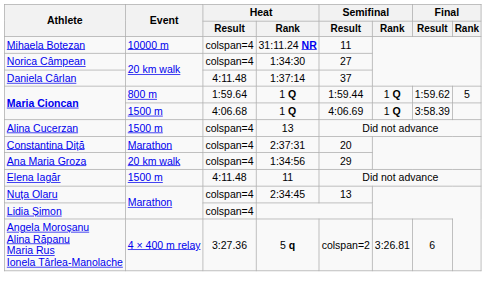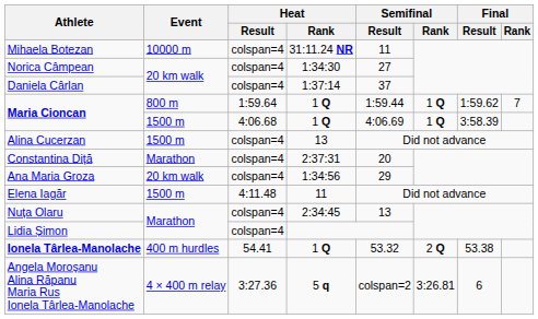 <table class=wikitable style="font-size:90%">
 <tr>
 <th rowspan="2">Athlete</th>
 <th rowspan="2">Event</th>
 <th colspan="2">Heat</th>
 <th colspan="2">Semifinal</th>
 <th colspan="2">Final</th>
 </tr>
 <tr style="font-size:95%">
 <th>Result</th>
 <th>Rank</th>
 <th>Result</th>
 <th>Rank</th>
 <th>Result</th>
 <th>Rank</th>
 </tr>
 <tr align=center>
 <td align=left><a href='#'>Mihaela Botezan</a></td>
 <td align=left><a href='#'>10000 m</a></td>
 <td>colspan=4 </td>
 <td>31:11.24 <strong><a href='#'>NR</a></strong></td>
 <td>11</td>
 </tr>
 <tr align=center>
 <td align=left><a href='#'>Norica Câmpean</a></td>
 <td align=left rowspan=2><a href='#'>20 km walk</a></td>
 <td>colspan=4 </td>
 <td>1:34:30</td>
 <td>27</td>
 </tr>
 <tr align=center>
 <td align=left><a href='#'>Daniela Cârlan</a></td>
-<td>4:11.48</td>
+<td>colspan=4 </td>
 <td>1:37:14</td>
 <td>37</td>
 </tr>
 <tr align=center>
 <td align=left rowspan=2><strong><a href='#'>Maria Cioncan</a></strong></td>
 <td align=left><a href='#'>800 m</a></td>
 <td>1:59.64</td>
 <td>1 <strong>Q</strong></td>
 <td>1:59.44</td>
 <td>1 <strong>Q</strong></td>
 <td>1:59.62</td>
-<td>5</td>
+<td>7</td>
 </tr>
 <tr align=center>
 <td align=left><a href='#'>1500 m</a></td>
 <td>4:06.68</td>
 <td>1 <strong>Q</strong></td>
 <td>4:06.69</td>
 <td>1 <strong>Q</strong></td>
 <td>3:58.39</td>
 <td></td>
 </tr>
 <tr align=center>
 <td align=left><a href='#'>Alina Cucerzan</a></td>
 <td align=left><a href='#'>1500 m</a></td>
 <td>colspan=4 </td>
 <td>13</td>
 <td colspan=4>Did not advance</td>
 </tr>
 <tr align=center>
 <td align=left><a href='#'>Constantina Diță</a></td>
 <td align=left><a href='#'>Marathon</a></td>
 <td>colspan=4 </td>
 <td>2:37:31</td>
 <td>20</td>
 </tr>
 <tr align=center>
 <td align=left><a href='#'>Ana Maria Groza</a></td>
 <td align=left><a href='#'>20 km walk</a></td>
 <td>colspan=4 </td>
 <td>1:34:56</td>
 <td>29</td>
 </tr>
 <tr align=center>
 <td align=left><a href='#'>Elena Iagăr</a></td>
 <td align=left><a href='#'>1500 m</a></td>
 <td>4:11.48</td>
 <td>11</td>
 <td colspan=4>Did not advance</td>
 </tr>
 <tr align=center>
 <td align=left><a href='#'>Nuța Olaru</a></td>
 <td align=left rowspan=2><a href='#'>Marathon</a></td>
 <td>colspan=4 </td>
 <td>2:34:45</td>
 <td>13</td>
 </tr>
 <tr align=center>
 <td align=left><a href='#'>Lidia Șimon</a></td>
 <td>colspan=4 </td>
 <td colspan=2></td>
 </tr>
 <tr align=center>
+<td align=left><strong><a href='#'>Ionela Târlea-Manolache</a></strong></td>
+<td align=left><a href='#'>400 m hurdles</a></td>
+<td>54.41</td>
+<td>1 <strong>Q</strong></td>
+<td>53.32</td>
+<td>2 <strong>Q</strong></td>
+<td>53.38</td>
+<td></td>
+</tr>
+<tr align=center>
 <td align=left><a href='#'>Angela Moroșanu</a><br><a href='#'>Alina Răpanu</a><br><a href='#'>Maria Rus</a><br><a href='#'>Ionela Târlea-Manolache</a></td>
 <td align=left><a href='#'>4 × 400 m relay</a></td>
 <td>3:27.36</td>
 <td>5 <strong>q</strong></td>
 <td>colspan=2 </td>
 <td>3:26.81</td>
 <td>6</td>
 </tr>
 </table>
